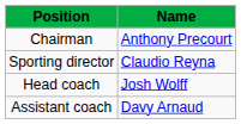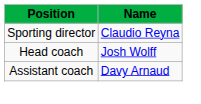 <table class="wikitable" style="text-align:center;">
 <tr>
 <th style="background:#00AE42; color:black;">Position</th>
 <th style="background:#00AE42; color:black;">Name</th>
-</tr>
-<tr>
-<td>Chairman</td>
-<td align=left> <a href='#'>Anthony Precourt</a></td>
 </tr>
 <tr>
 <td>Sporting director</td>
 <td align=left> <a href='#'>Claudio Reyna</a></td>
 </tr>
 <tr>
 <td>Head coach</td>
 <td align=left> <a href='#'>Josh Wolff</a></td>
 </tr>
 <tr>
 <td>Assistant coach</td>
 <td align=left> <a href='#'>Davy Arnaud</a></td>
 </tr>
 </table>
